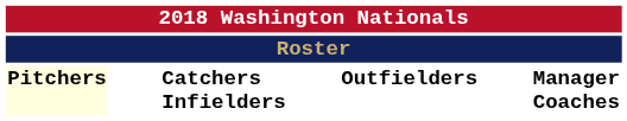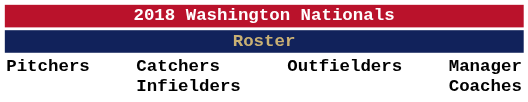 <table class="toccolours" style="font-size: 95%;">
 <tr>
 <th colspan="10" style="background-color: #ba122b; color: #FFFFFF; text-align: center;">2018 Washington Nationals</th>
 </tr>
 <tr>
 <td colspan="10" style="background-color: #11225b; color: #c9b074; text-align: center;"><strong>Roster</strong></td>
 </tr>
 <tr>
-<td valign="top" style="background: lightyellow;"><strong>Pitchers</strong><br>                             </td>
+<td valign="top"><strong>Pitchers</strong><br>                             </td>
 <td width="25px"></td>
 <td valign="top"><strong>Catchers</strong><br>    <strong>Infielders</strong>         </td>
 <td width="25px"></td>
 <td valign="top"><strong>Outfielders</strong><br>         </td>
 <td width="25px"></td>
 <td valign="top"><strong>Manager</strong><br> <strong>Coaches</strong>            </td>
 </tr>
 <tr>
 </tr>
 </table>
